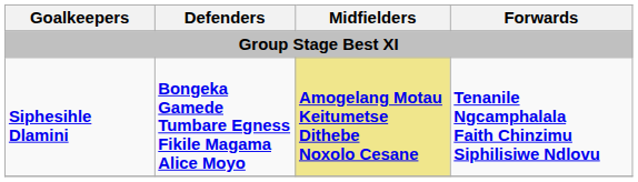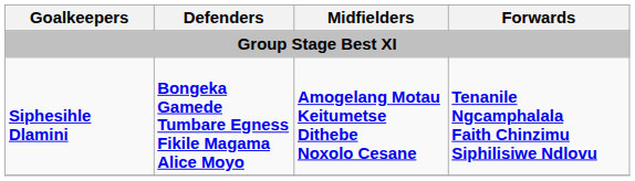 <table class="wikitable">
 <tr>
 <th>Goalkeepers</th>
 <th>Defenders</th>
 <th>Midfielders</th>
 <th>Forwards</th>
 </tr>
 <tr>
 <th colspan="4" style="background-color:silver">Group Stage Best XI</th>
 </tr>
 <tr>
 <td valign=center><br> <strong><a href='#'>Siphesihle Dlamini</a></strong></td>
 <td valign=center><br> <strong><a href='#'>Bongeka Gamede</a></strong><br> <strong><a href='#'>Tumbare Egness</a></strong><br> <strong><a href='#'>Fikile Magama</a></strong><br> <strong><a href='#'>Alice Moyo</a></strong></td>
-<td valign=center style="background: khaki;"><br> <strong><a href='#'>Amogelang Motau</a></strong><br> <strong><a href='#'>Keitumetse Dithebe</a></strong><br> <strong><a href='#'>Noxolo Cesane</a></strong><br></td>
+<td valign=center><br> <strong><a href='#'>Amogelang Motau</a></strong><br> <strong><a href='#'>Keitumetse Dithebe</a></strong><br> <strong><a href='#'>Noxolo Cesane</a></strong><br></td>
 <td valign=center><br> <strong><a href='#'>Tenanile Ngcamphalala</a></strong><br> <strong><a href='#'>Faith Chinzimu</a></strong><br> <strong><a href='#'>Siphilisiwe Ndlovu</a></strong></td>
 </tr>
 <tr>
 </tr>
 </table>
